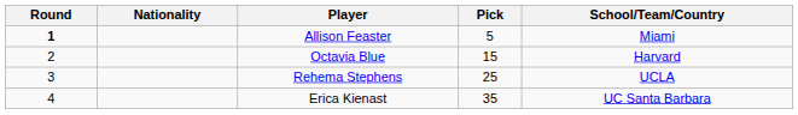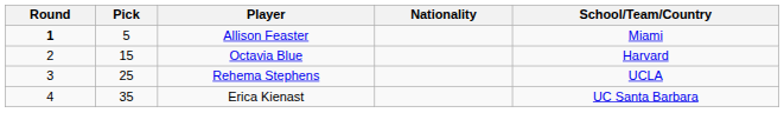 <table class="wikitable" style="text-align:center; width:60em">
 <tr>
 <th>Round</th>
+<th>Pick</th>
+<th>Player</th>
 <th>Nationality</th>
-<th>Player</th>
-<th>Pick</th>
 <th>School/Team/Country</th>
 </tr>
 <tr>
 <td><strong>1</strong></td>
+<td>5</td>
+<td><a href='#'>Allison Feaster</a></td>
 <td></td>
-<td><a href='#'>Allison Feaster</a></td>
-<td>5</td>
 <td><a href='#'>Miami</a></td>
 </tr>
 <tr>
 <td>2</td>
+<td>15</td>
+<td><a href='#'>Octavia Blue</a></td>
 <td></td>
-<td><a href='#'>Octavia Blue</a></td>
-<td>15</td>
 <td><a href='#'>Harvard</a></td>
 </tr>
 <tr>
 <td>3</td>
+<td>25</td>
+<td><a href='#'>Rehema Stephens</a></td>
 <td></td>
-<td><a href='#'>Rehema Stephens</a></td>
-<td>25</td>
 <td><a href='#'>UCLA</a></td>
 </tr>
 <tr>
 <td>4</td>
+<td>35</td>
+<td>Erica Kienast</td>
 <td></td>
-<td>Erica Kienast</td>
-<td>35</td>
 <td><a href='#'>UC Santa Barbara</a></td>
 </tr>
 </table>
